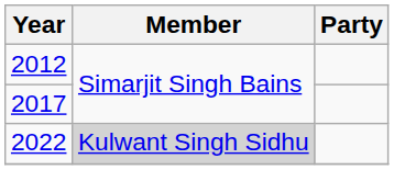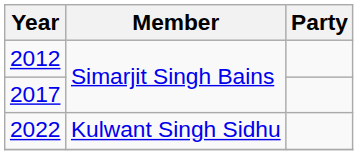 <table class="wikitable sortable">
 <tr>
 <th>Year</th>
 <th>Member</th>
 <th colspan="2">Party</th>
 </tr>
 <tr>
 <td><a href='#'>2012</a></td>
 <td rowspan=2><a href='#'>Simarjit Singh Bains</a></td>
 <td></td>
 </tr>
 <tr>
 <td><a href='#'>2017</a></td>
 <td></td>
 </tr>
 <tr>
 <td><a href='#'>2022</a></td>
-<td style="background: lightgrey;"><a href='#'>Kulwant Singh Sidhu</a></td>
+<td><a href='#'>Kulwant Singh Sidhu</a></td>
 <td></td>
 </tr>
 <tr>
 </tr>
 </table>
